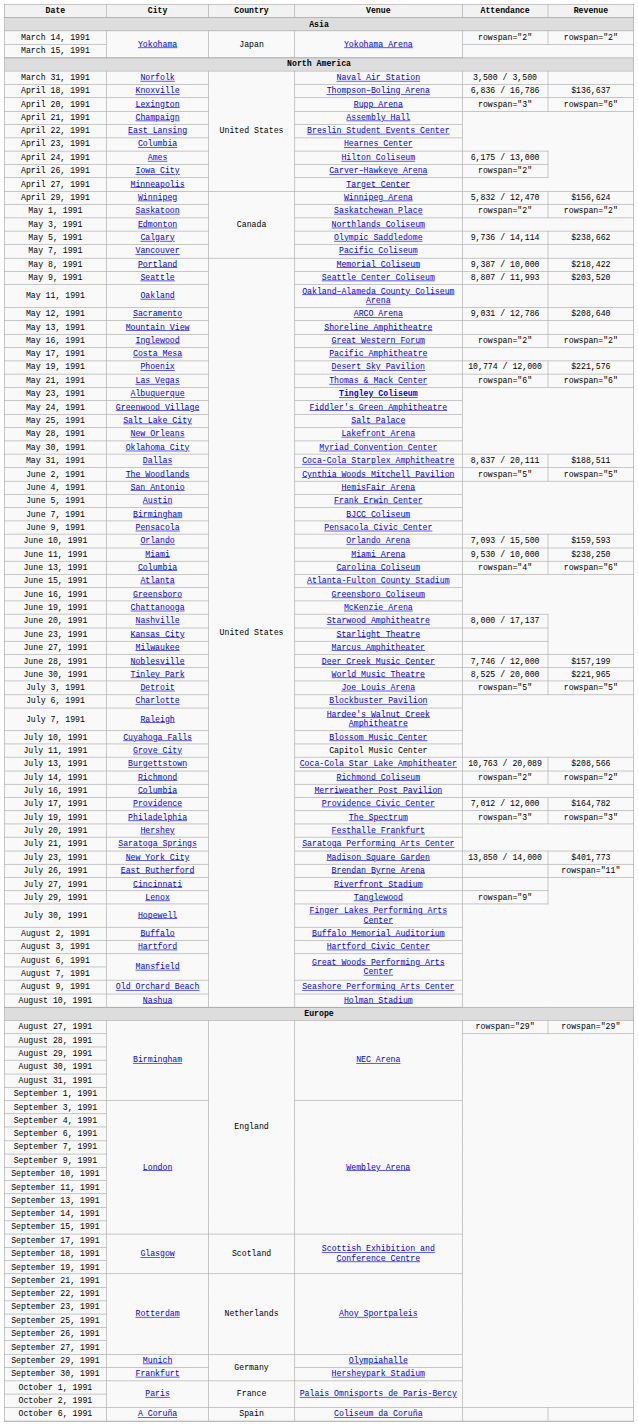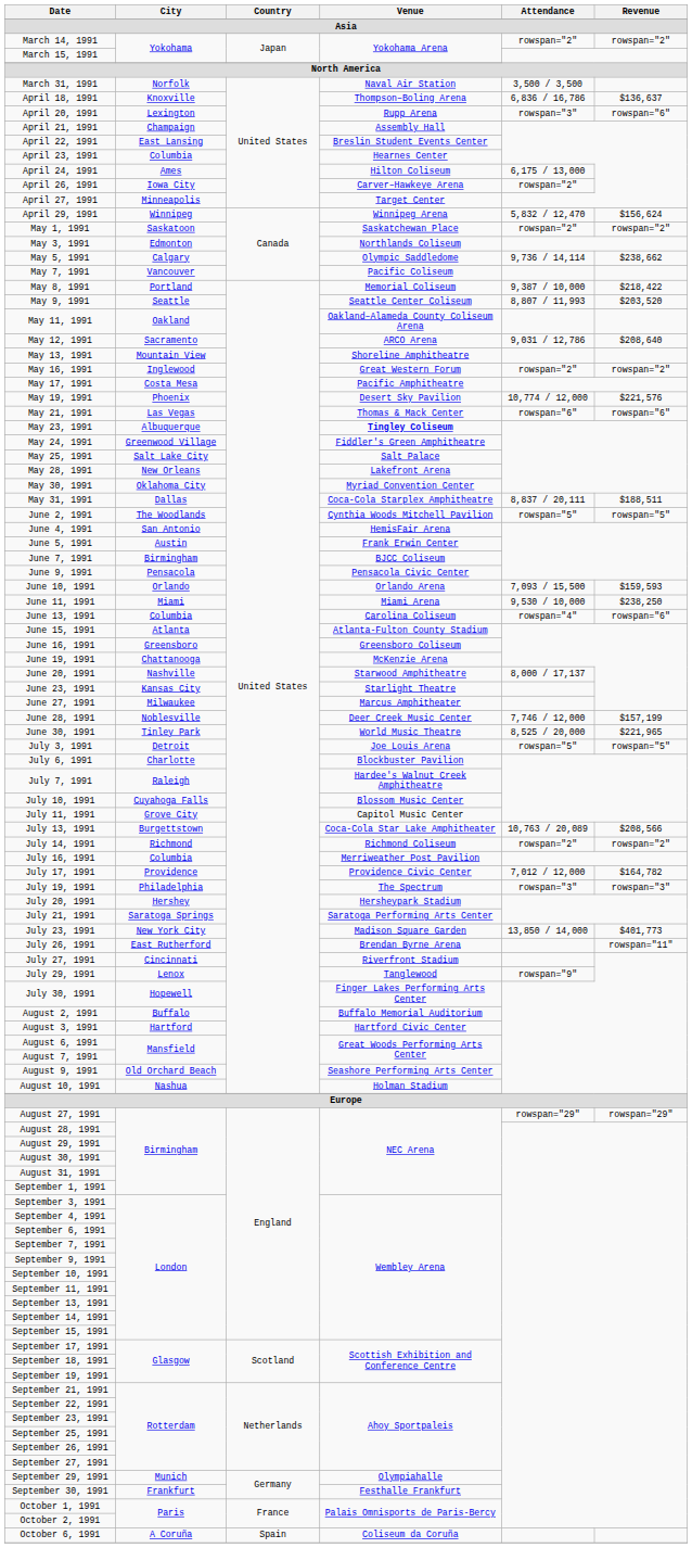 <table class="wikitable" style="text-align:center;">
 <tr>
 <th scope="col" style="width:12em;">Date</th>
 <th scope="col" style="width:12em;">City</th>
 <th scope="col" style="width:10em;">Country</th>
 <th scope="col" style="width:20em;">Venue</th>
 <th scope="col" style="width:10em;">Attendance</th>
 <th scope="col" style="width:10em;">Revenue</th>
 </tr>
 <tr>
 </tr>
 <tr bgcolor="#DDDDDD">
 <td colspan=6><strong>Asia</strong></td>
 </tr>
 <tr>
 <td>March 14, 1991</td>
 <td rowspan="2"><a href='#'>Yokohama</a></td>
 <td rowspan="2">Japan</td>
 <td rowspan="2"><a href='#'>Yokohama Arena</a></td>
 <td>rowspan="2" </td>
 <td>rowspan="2" </td>
 </tr>
 <tr>
 <td>March 15, 1991</td>
 </tr>
 <tr>
 </tr>
 <tr bgcolor="#DDDDDD">
 <td colspan=6 align=center><strong>North America</strong></td>
 </tr>
 <tr>
 <td>March 31, 1991</td>
 <td><a href='#'>Norfolk</a></td>
 <td rowspan="9">United States</td>
 <td><a href='#'>Naval Air Station</a></td>
 <td>3,500 / 3,500</td>
 <td></td>
 </tr>
 <tr>
 <td>April 18, 1991</td>
 <td><a href='#'>Knoxville</a></td>
 <td><a href='#'>Thompson–Boling Arena</a></td>
 <td>6,836 / 16,786</td>
 <td>$136,637</td>
 </tr>
 <tr>
 <td>April 20, 1991</td>
 <td><a href='#'>Lexington</a></td>
 <td><a href='#'>Rupp Arena</a></td>
 <td>rowspan="3" </td>
 <td>rowspan="6" </td>
 </tr>
 <tr>
 <td>April 21, 1991</td>
 <td><a href='#'>Champaign</a></td>
 <td><a href='#'>Assembly Hall</a></td>
 </tr>
 <tr>
 <td>April 22, 1991</td>
 <td><a href='#'>East Lansing</a></td>
 <td><a href='#'>Breslin Student Events Center</a></td>
 </tr>
 <tr>
 <td>April 23, 1991</td>
 <td><a href='#'>Columbia</a></td>
 <td><a href='#'>Hearnes Center</a></td>
 </tr>
 <tr>
 <td>April 24, 1991</td>
 <td><a href='#'>Ames</a></td>
 <td><a href='#'>Hilton Coliseum</a></td>
 <td>6,175 / 13,000</td>
 </tr>
 <tr>
 <td>April 26, 1991</td>
 <td><a href='#'>Iowa City</a></td>
 <td><a href='#'>Carver–Hawkeye Arena</a></td>
 <td>rowspan="2" </td>
 </tr>
 <tr>
 <td>April 27, 1991</td>
 <td><a href='#'>Minneapolis</a></td>
 <td><a href='#'>Target Center</a></td>
 </tr>
 <tr>
 <td>April 29, 1991</td>
 <td><a href='#'>Winnipeg</a></td>
 <td rowspan="5">Canada</td>
 <td><a href='#'>Winnipeg Arena</a></td>
 <td>5,832 / 12,470</td>
 <td>$156,624</td>
 </tr>
 <tr>
 <td>May 1, 1991</td>
 <td><a href='#'>Saskatoon</a></td>
 <td><a href='#'>Saskatchewan Place</a></td>
 <td>rowspan="2" </td>
 <td>rowspan="2" </td>
 </tr>
 <tr>
 <td>May 3, 1991</td>
 <td><a href='#'>Edmonton</a></td>
 <td><a href='#'>Northlands Coliseum</a></td>
 </tr>
 <tr>
 <td>May 5, 1991</td>
 <td><a href='#'>Calgary</a></td>
 <td><a href='#'>Olympic Saddledome</a></td>
 <td>9,736 / 14,114</td>
 <td>$238,662</td>
 </tr>
 <tr>
 <td>May 7, 1991</td>
 <td><a href='#'>Vancouver</a></td>
 <td><a href='#'>Pacific Coliseum</a></td>
 <td></td>
 <td></td>
 </tr>
 <tr>
 <td>May 8, 1991</td>
 <td><a href='#'>Portland</a></td>
 <td rowspan="54">United States</td>
 <td><a href='#'>Memorial Coliseum</a></td>
 <td>9,387 / 10,000</td>
 <td>$218,422</td>
 </tr>
 <tr>
 <td>May 9, 1991</td>
 <td><a href='#'>Seattle</a></td>
 <td><a href='#'>Seattle Center Coliseum</a></td>
 <td>8,807 / 11,993</td>
 <td>$203,520</td>
 </tr>
 <tr>
 <td>May 11, 1991</td>
 <td><a href='#'>Oakland</a></td>
 <td><a href='#'>Oakland–Alameda County Coliseum Arena</a></td>
 <td></td>
 <td></td>
 </tr>
 <tr>
 <td>May 12, 1991</td>
 <td><a href='#'>Sacramento</a></td>
 <td><a href='#'>ARCO Arena</a></td>
 <td>9,031 / 12,786</td>
 <td>$208,640</td>
 </tr>
 <tr>
 <td>May 13, 1991</td>
 <td><a href='#'>Mountain View</a></td>
 <td><a href='#'>Shoreline Amphitheatre</a></td>
 <td></td>
 <td></td>
 </tr>
 <tr>
 <td>May 16, 1991</td>
 <td><a href='#'>Inglewood</a></td>
 <td><a href='#'>Great Western Forum</a></td>
 <td>rowspan="2" </td>
 <td>rowspan="2" </td>
 </tr>
 <tr>
 <td>May 17, 1991</td>
 <td><a href='#'>Costa Mesa</a></td>
 <td><a href='#'>Pacific Amphitheatre</a></td>
 </tr>
 <tr>
 <td>May 19, 1991</td>
 <td><a href='#'>Phoenix</a></td>
 <td><a href='#'>Desert Sky Pavilion</a></td>
 <td>10,774 / 12,000</td>
 <td>$221,576</td>
 </tr>
 <tr>
 <td>May 21, 1991</td>
 <td><a href='#'>Las Vegas</a></td>
 <td><a href='#'>Thomas & Mack Center</a></td>
 <td>rowspan="6" </td>
 <td>rowspan="6" </td>
 </tr>
 <tr>
 <td>May 23, 1991</td>
 <td><a href='#'>Albuquerque</a></td>
 <td><strong><a href='#'>Tingley Coliseum</a></strong></td>
 </tr>
 <tr>
 <td>May 24, 1991</td>
 <td><a href='#'>Greenwood Village</a></td>
 <td><a href='#'>Fiddler's Green Amphitheatre</a></td>
 </tr>
 <tr>
 <td>May 25, 1991</td>
 <td><a href='#'>Salt Lake City</a></td>
 <td><a href='#'>Salt Palace</a></td>
 </tr>
 <tr>
 <td>May 28, 1991</td>
 <td><a href='#'>New Orleans</a></td>
 <td><a href='#'>Lakefront Arena</a></td>
 </tr>
 <tr>
 <td>May 30, 1991</td>
 <td><a href='#'>Oklahoma City</a></td>
 <td><a href='#'>Myriad Convention Center</a></td>
 </tr>
 <tr>
 <td>May 31, 1991</td>
 <td><a href='#'>Dallas</a></td>
 <td><a href='#'>Coca-Cola Starplex Amphitheatre</a></td>
 <td>8,837 / 20,111</td>
 <td>$188,511</td>
 </tr>
 <tr>
 <td>June 2, 1991</td>
 <td><a href='#'>The Woodlands</a></td>
 <td><a href='#'>Cynthia Woods Mitchell Pavilion</a></td>
 <td>rowspan="5" </td>
 <td>rowspan="5" </td>
 </tr>
 <tr>
 <td>June 4, 1991</td>
 <td><a href='#'>San Antonio</a></td>
 <td><a href='#'>HemisFair Arena</a></td>
 </tr>
 <tr>
 <td>June 5, 1991</td>
 <td><a href='#'>Austin</a></td>
 <td><a href='#'>Frank Erwin Center</a></td>
 </tr>
 <tr>
 <td>June 7, 1991</td>
 <td><a href='#'>Birmingham</a></td>
 <td><a href='#'>BJCC Coliseum</a></td>
 </tr>
 <tr>
 <td>June 9, 1991</td>
 <td><a href='#'>Pensacola</a></td>
 <td><a href='#'>Pensacola Civic Center</a></td>
 </tr>
 <tr>
 <td>June 10, 1991</td>
 <td><a href='#'>Orlando</a></td>
 <td><a href='#'>Orlando Arena</a></td>
 <td>7,093 / 15,500</td>
 <td>$159,593</td>
 </tr>
 <tr>
 <td>June 11, 1991</td>
 <td><a href='#'>Miami</a></td>
 <td><a href='#'>Miami Arena</a></td>
 <td>9,530 / 10,000</td>
 <td>$238,250</td>
 </tr>
 <tr>
 <td>June 13, 1991</td>
 <td><a href='#'>Columbia</a></td>
 <td><a href='#'>Carolina Coliseum</a></td>
 <td>rowspan="4" </td>
 <td>rowspan="6" </td>
 </tr>
 <tr>
 <td>June 15, 1991</td>
 <td><a href='#'>Atlanta</a></td>
 <td><a href='#'>Atlanta-Fulton County Stadium</a></td>
 </tr>
 <tr>
 <td>June 16, 1991</td>
 <td><a href='#'>Greensboro</a></td>
 <td><a href='#'>Greensboro Coliseum</a></td>
 </tr>
 <tr>
 <td>June 19, 1991</td>
 <td><a href='#'>Chattanooga</a></td>
 <td><a href='#'>McKenzie Arena</a></td>
 </tr>
 <tr>
 <td>June 20, 1991</td>
 <td><a href='#'>Nashville</a></td>
 <td><a href='#'>Starwood Amphitheatre</a></td>
 <td>8,000 / 17,137</td>
 </tr>
 <tr>
 <td>June 23, 1991</td>
 <td><a href='#'>Kansas City</a></td>
 <td><a href='#'>Starlight Theatre</a></td>
 <td></td>
 </tr>
 <tr>
 <td>June 27, 1991</td>
 <td><a href='#'>Milwaukee</a></td>
 <td><a href='#'>Marcus Amphitheater</a></td>
 <td></td>
 </tr>
 <tr>
 <td>June 28, 1991</td>
 <td><a href='#'>Noblesville</a></td>
 <td><a href='#'>Deer Creek Music Center</a></td>
 <td>7,746 / 12,000</td>
 <td>$157,199</td>
 </tr>
 <tr>
 <td>June 30, 1991</td>
 <td><a href='#'>Tinley Park</a></td>
 <td><a href='#'>World Music Theatre</a></td>
 <td>8,525 / 20,000</td>
 <td>$221,965</td>
 </tr>
 <tr>
 <td>July 3, 1991</td>
 <td><a href='#'>Detroit</a></td>
 <td><a href='#'>Joe Louis Arena</a></td>
 <td>rowspan="5" </td>
 <td>rowspan="5" </td>
 </tr>
 <tr>
 <td>July 6, 1991</td>
 <td><a href='#'>Charlotte</a></td>
 <td><a href='#'>Blockbuster Pavilion</a></td>
 </tr>
 <tr>
 <td>July 7, 1991</td>
 <td><a href='#'>Raleigh</a></td>
 <td><a href='#'>Hardee's Walnut Creek Amphitheatre</a></td>
 </tr>
 <tr>
 <td>July 10, 1991</td>
 <td><a href='#'>Cuyahoga Falls</a></td>
 <td><a href='#'>Blossom Music Center</a></td>
 </tr>
 <tr>
 <td>July 11, 1991</td>
 <td><a href='#'>Grove City</a></td>
 <td>Capitol Music Center</td>
 </tr>
 <tr>
 <td>July 13, 1991</td>
 <td><a href='#'>Burgettstown</a></td>
 <td><a href='#'>Coca-Cola Star Lake Amphitheater</a></td>
 <td>10,763 / 20,089</td>
 <td>$208,566</td>
 </tr>
 <tr>
 <td>July 14, 1991</td>
 <td><a href='#'>Richmond</a></td>
 <td><a href='#'>Richmond Coliseum</a></td>
 <td>rowspan="2" </td>
 <td>rowspan="2" </td>
 </tr>
 <tr>
 <td>July 16, 1991</td>
 <td><a href='#'>Columbia</a></td>
 <td><a href='#'>Merriweather Post Pavilion</a></td>
 </tr>
 <tr>
 <td>July 17, 1991</td>
 <td><a href='#'>Providence</a></td>
 <td><a href='#'>Providence Civic Center</a></td>
 <td>7,012 / 12,000</td>
 <td>$164,782</td>
 </tr>
 <tr>
 <td>July 19, 1991</td>
 <td><a href='#'>Philadelphia</a></td>
 <td><a href='#'>The Spectrum</a></td>
 <td>rowspan="3" </td>
 <td>rowspan="3" </td>
 </tr>
 <tr>
 <td>July 20, 1991</td>
 <td><a href='#'>Hershey</a></td>
-<td><a href='#'>Festhalle Frankfurt</a></td>
+<td><a href='#'>Hersheypark Stadium</a></td>
 </tr>
 <tr>
 <td>July 21, 1991</td>
 <td><a href='#'>Saratoga Springs</a></td>
 <td><a href='#'>Saratoga Performing Arts Center</a></td>
 </tr>
 <tr>
 <td>July 23, 1991</td>
 <td><a href='#'>New York City</a></td>
 <td><a href='#'>Madison Square Garden</a></td>
 <td>13,850 / 14,000</td>
 <td>$401,773</td>
 </tr>
 <tr>
 <td>July 26, 1991</td>
 <td><a href='#'>East Rutherford</a></td>
 <td><a href='#'>Brendan Byrne Arena</a></td>
 <td></td>
 <td>rowspan="11" </td>
 </tr>
 <tr>
 <td>July 27, 1991</td>
 <td><a href='#'>Cincinnati</a></td>
 <td><a href='#'>Riverfront Stadium</a></td>
 <td></td>
 </tr>
 <tr>
 <td>July 29, 1991</td>
 <td><a href='#'>Lenox</a></td>
 <td><a href='#'>Tanglewood</a></td>
 <td>rowspan="9" </td>
 </tr>
 <tr>
 <td>July 30, 1991</td>
 <td><a href='#'>Hopewell</a></td>
 <td><a href='#'>Finger Lakes Performing Arts Center</a></td>
 </tr>
 <tr>
 <td>August 2, 1991</td>
 <td><a href='#'>Buffalo</a></td>
 <td><a href='#'>Buffalo Memorial Auditorium</a></td>
 </tr>
 <tr>
 <td>August 3, 1991</td>
 <td><a href='#'>Hartford</a></td>
 <td><a href='#'>Hartford Civic Center</a></td>
 </tr>
 <tr>
 <td>August 6, 1991</td>
 <td rowspan="2"><a href='#'>Mansfield</a></td>
 <td rowspan="2"><a href='#'>Great Woods Performing Arts Center</a></td>
 </tr>
 <tr>
 <td>August 7, 1991</td>
 </tr>
 <tr>
 <td>August 9, 1991</td>
 <td><a href='#'>Old Orchard Beach</a></td>
 <td><a href='#'>Seashore Performing Arts Center</a></td>
 </tr>
 <tr>
 <td>August 10, 1991</td>
 <td><a href='#'>Nashua</a></td>
 <td><a href='#'>Holman Stadium</a></td>
 </tr>
 <tr>
 </tr>
 <tr bgcolor="#DDDDDD">
 <td colspan=6><strong>Europe</strong></td>
 </tr>
 <tr>
 <td>August 27, 1991</td>
 <td rowspan="6"><a href='#'>Birmingham</a></td>
 <td rowspan="16">England</td>
 <td rowspan="6"><a href='#'>NEC Arena</a></td>
 <td>rowspan="29" </td>
 <td>rowspan="29" </td>
 </tr>
 <tr>
 <td>August 28, 1991</td>
 </tr>
 <tr>
 <td>August 29, 1991</td>
 </tr>
 <tr>
 <td>August 30, 1991</td>
 </tr>
 <tr>
 <td>August 31, 1991</td>
 </tr>
 <tr>
 <td>September 1, 1991</td>
 </tr>
 <tr>
 <td>September 3, 1991</td>
 <td rowspan="10"><a href='#'>London</a></td>
 <td rowspan="10"><a href='#'>Wembley Arena</a></td>
 </tr>
 <tr>
 <td>September 4, 1991</td>
 </tr>
 <tr>
 <td>September 6, 1991</td>
 </tr>
 <tr>
 <td>September 7, 1991</td>
 </tr>
 <tr>
 <td>September 9, 1991</td>
 </tr>
 <tr>
 <td>September 10, 1991</td>
 </tr>
 <tr>
 <td>September 11, 1991</td>
 </tr>
 <tr>
 <td>September 13, 1991</td>
 </tr>
 <tr>
 <td>September 14, 1991</td>
 </tr>
 <tr>
 <td>September 15, 1991</td>
 </tr>
 <tr>
 <td>September 17, 1991</td>
 <td rowspan="3"><a href='#'>Glasgow</a></td>
 <td rowspan="3">Scotland</td>
 <td rowspan="3"><a href='#'>Scottish Exhibition and Conference Centre</a></td>
 </tr>
 <tr>
 <td>September 18, 1991</td>
 </tr>
 <tr>
 <td>September 19, 1991</td>
 </tr>
 <tr>
 <td>September 21, 1991</td>
 <td rowspan="6"><a href='#'>Rotterdam</a></td>
 <td rowspan="6">Netherlands</td>
 <td rowspan="6"><a href='#'>Ahoy Sportpaleis</a></td>
 </tr>
 <tr>
 <td>September 22, 1991</td>
 </tr>
 <tr>
 <td>September 23, 1991</td>
 </tr>
 <tr>
 <td>September 25, 1991</td>
 </tr>
 <tr>
 <td>September 26, 1991</td>
 </tr>
 <tr>
 <td>September 27, 1991</td>
 </tr>
 <tr>
 <td>September 29, 1991</td>
 <td><a href='#'>Munich</a></td>
 <td rowspan="2">Germany</td>
 <td><a href='#'>Olympiahalle</a></td>
 </tr>
 <tr>
 <td>September 30, 1991</td>
 <td><a href='#'>Frankfurt</a></td>
-<td><a href='#'>Hersheypark Stadium</a></td>
+<td><a href='#'>Festhalle Frankfurt</a></td>
 </tr>
 <tr>
 <td>October 1, 1991</td>
 <td rowspan="2"><a href='#'>Paris</a></td>
 <td rowspan="2">France</td>
 <td rowspan="2"><a href='#'>Palais Omnisports de Paris-Bercy</a></td>
 </tr>
 <tr>
 <td>October 2, 1991</td>
 </tr>
 <tr>
 <td>October 6, 1991</td>
 <td><a href='#'>A Coruña</a></td>
 <td>Spain</td>
 <td><a href='#'>Coliseum da Coruña</a></td>
 <td></td>
 <td></td>
 </tr>
 <tr>
 </tr>
 </table>
